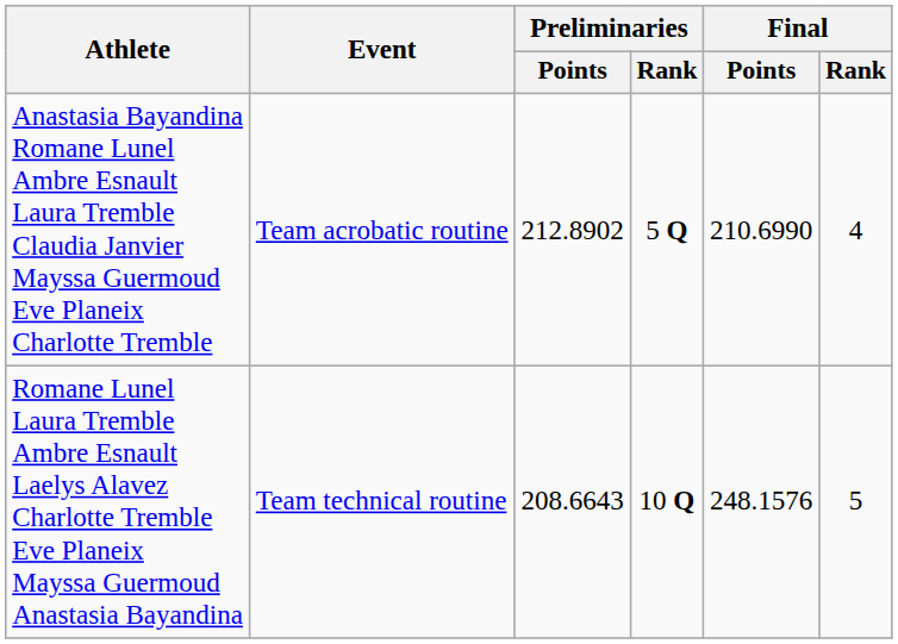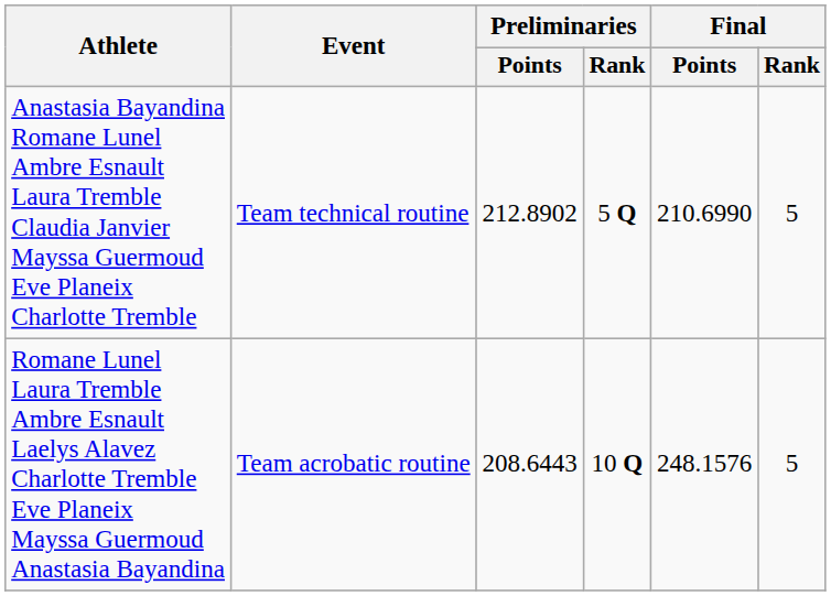 <table class="wikitable" style="text-align:center; font-size:90%;">
 <tr>
 <th rowspan="2">Athlete</th>
 <th rowspan="2">Event</th>
 <th colspan="2">Preliminaries</th>
 <th colspan="2">Final</th>
 </tr>
 <tr style="font-size:95%">
 <th>Points</th>
 <th>Rank</th>
 <th>Points</th>
 <th>Rank</th>
 </tr>
 <tr>
 <td align=left><a href='#'>Anastasia Bayandina</a><br> <a href='#'>Romane Lunel</a><br> <a href='#'>Ambre Esnault</a><br> <a href='#'>Laura Tremble</a><br> <a href='#'>Claudia Janvier</a><br> <a href='#'>Mayssa Guermoud</a><br> <a href='#'>Eve Planeix</a><br> <a href='#'>Charlotte Tremble</a></td>
-<td align=left><a href='#'>Team acrobatic routine</a></td>
+<td align=left><a href='#'>Team technical routine</a></td>
 <td>212.8902</td>
 <td>5 <strong>Q</strong></td>
 <td>210.6990</td>
-<td>4</td>
+<td>5</td>
 </tr>
 <tr>
 <td align=left><a href='#'>Romane Lunel</a><br> <a href='#'>Laura Tremble</a><br> <a href='#'>Ambre Esnault</a><br> <a href='#'>Laelys Alavez</a><br> <a href='#'>Charlotte Tremble</a><br> <a href='#'>Eve Planeix</a><br> <a href='#'>Mayssa Guermoud</a><br> <a href='#'>Anastasia Bayandina</a></td>
-<td align=left><a href='#'>Team technical routine</a></td>
-<td>208.6643</td>
+<td align=left><a href='#'>Team acrobatic routine</a></td>
+<td>208.6443</td>
 <td>10 <strong>Q</strong></td>
 <td>248.1576</td>
 <td>5</td>
 </tr>
 </table>
